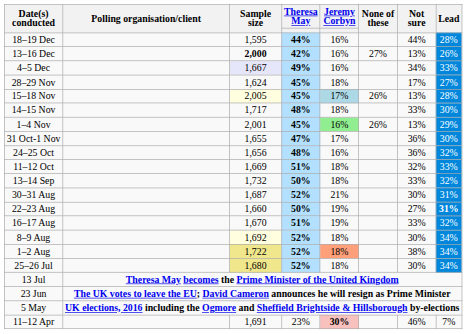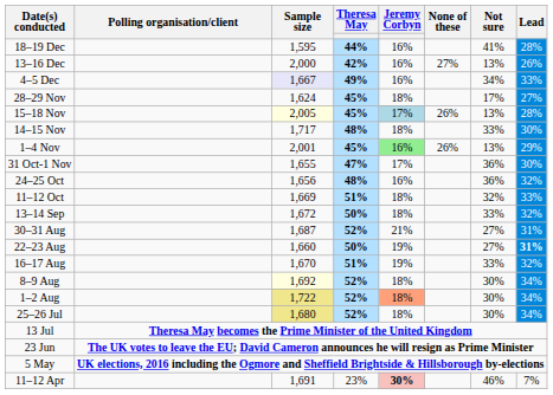 <table class="wikitable sortable mw-datatable" style="text-align:center;font-size:90%;line-height:14px;">
 <tr>
 <th rowspan="2">Date(s)<br>conducted</th>
 <th rowspan="2">Polling organisation/client</th>
 <th rowspan="2">Sample<br>size</th>
 <th style="width:50px;" class="unsortable"><a href='#'>Theresa May</a></th>
 <th style="width:50px;" class="unsortable"><a href='#'>Jeremy Corbyn</a></th>
 <th style="width:50px;" rowspan="2" class="unsortable">None of these</th>
 <th style="width:50px;" rowspan="2" class="unsortable">Not sure</th>
 <th class="unsortable" style="width:20px;" rowspan="2">Lead</th>
 </tr>
 <tr>
 <th class="unsortable" style="color:inherit;background:"></th>
 <th class="unsortable" style="color:inherit;background:"></th>
 </tr>
 <tr>
 <td>18–19 Dec</td>
 <td></td>
 <td>1,595</td>
 <td style="background:#B3E0FF"><strong>44%</strong></td>
 <td>16%</td>
 <td></td>
-<td>44%</td>
+<td>41%</td>
 <td style="background:#0087DC; color:white;">28%</td>
 </tr>
 <tr>
 <td>13–16 Dec</td>
 <td></td>
-<td><strong>2,000</strong></td>
+<td>2,000</td>
 <td style="background:#B3E0FF"><strong>42%</strong></td>
 <td>16%</td>
 <td>27%</td>
 <td>13%</td>
 <td style="background:#0087DC; color:white;">26%</td>
 </tr>
 <tr>
 <td>4–5 Dec</td>
 <td></td>
 <td style="background: lavender;">1,667</td>
 <td style="background:#B3E0FF"><strong>49%</strong></td>
 <td>16%</td>
 <td></td>
 <td>34%</td>
 <td style="background:#0087DC; color:white;">33%</td>
 </tr>
 <tr>
 <td>28–29 Nov</td>
 <td></td>
 <td>1,624</td>
 <td style="background:#B3E0FF"><strong>45%</strong></td>
 <td>18%</td>
 <td></td>
 <td>17%</td>
 <td style="background:#0087DC; color:white;">27%</td>
 </tr>
 <tr>
 <td>15–18 Nov</td>
 <td></td>
 <td style="background: lightyellow;">2,005</td>
 <td style="background:#B3E0FF"><strong>45%</strong></td>
 <td style="background: lightblue;">17%</td>
 <td>26%</td>
 <td>13%</td>
 <td style="background:#0087DC; color:white;">28%</td>
 </tr>
 <tr>
 <td>14–15 Nov</td>
 <td></td>
 <td>1,717</td>
 <td style="background:#B3E0FF"><strong>48%</strong></td>
 <td>18%</td>
 <td></td>
 <td>33%</td>
 <td style="background:#0087DC; color:white;">30%</td>
 </tr>
 <tr>
 <td>1–4 Nov</td>
 <td></td>
 <td>2,001</td>
 <td style="background:#B3E0FF"><strong>45%</strong></td>
 <td style="background: lightgreen;">16%</td>
 <td>26%</td>
 <td>13%</td>
 <td style="background:#0087DC; color:white;">29%</td>
 </tr>
 <tr>
 <td>31 Oct-1 Nov</td>
 <td></td>
 <td>1,655</td>
 <td style="background:#B3E0FF"><strong>47%</strong></td>
 <td>17%</td>
 <td></td>
 <td>36%</td>
 <td style="background:#0087DC; color:white;">30%</td>
 </tr>
 <tr>
 <td>24–25 Oct</td>
 <td></td>
 <td>1,656</td>
 <td style="background:#B3E0FF"><strong>48%</strong></td>
 <td>16%</td>
 <td></td>
 <td>36%</td>
 <td style="background:#0087DC; color:white;">32%</td>
 </tr>
 <tr>
 <td>11–12 Oct</td>
 <td></td>
 <td>1,669</td>
 <td style="background:#B3E0FF"><strong>51%</strong></td>
 <td>18%</td>
 <td></td>
 <td>32%</td>
 <td style="background:#0087DC; color:white;">33%</td>
 </tr>
 <tr>
 <td>13–14 Sep</td>
 <td></td>
-<td>1,732</td>
+<td>1,672</td>
 <td style="background:#B3E0FF"><strong>50%</strong></td>
 <td>18%</td>
 <td></td>
 <td>33%</td>
 <td style="background:#0087DC; color:white;">32%</td>
 </tr>
 <tr>
 <td>30–31 Aug</td>
 <td></td>
 <td>1,687</td>
 <td style="background:#B3E0FF"><strong>52%</strong></td>
 <td>21%</td>
 <td></td>
-<td>30%</td>
+<td>27%</td>
 <td style="background:#0087DC; color:white;">31%</td>
 </tr>
 <tr>
 <td>22–23 Aug</td>
 <td></td>
 <td>1,660</td>
 <td style="background:#B3E0FF"><strong>50%</strong></td>
 <td>19%</td>
 <td></td>
 <td>27%</td>
 <td style="background:#0087DC; color:white;"><strong>31%</strong></td>
 </tr>
 <tr>
 <td>16–17 Aug</td>
 <td></td>
 <td>1,670</td>
 <td style="background:#B3E0FF"><strong>51%</strong></td>
 <td>19%</td>
 <td></td>
 <td>33%</td>
 <td style="background:#0087DC; color:white;">32%</td>
 </tr>
 <tr>
 <td>8–9 Aug</td>
 <td></td>
 <td style="background: lightyellow;">1,692</td>
 <td style="background:#B3E0FF"><strong>52%</strong></td>
 <td>18%</td>
 <td></td>
 <td>30%</td>
 <td style="background:#0087DC; color:white;">34%</td>
 </tr>
 <tr>
 <td>1–2 Aug</td>
 <td></td>
 <td style="background: khaki;">1,722</td>
 <td style="background:#B3E0FF"><strong>52%</strong></td>
 <td style="background: lightsalmon;">18%</td>
 <td></td>
-<td>38%</td>
+<td>30%</td>
 <td style="background:#0087DC; color:white;">34%</td>
 </tr>
 <tr>
 <td>25–26 Jul</td>
 <td></td>
 <td style="background: khaki;">1,680</td>
 <td style="background:#B3E0FF"><strong>52%</strong></td>
 <td>18%</td>
 <td></td>
 <td>30%</td>
 <td style="background:#0087DC; color:white;">34%</td>
 </tr>
 <tr>
 <td>13 Jul</td>
 <td colspan="10"><strong><a href='#'>Theresa May</a> <a href='#'>becomes</a> the <a href='#'>Prime Minister of the United Kingdom</a></strong></td>
 </tr>
 <tr>
 <td>23 Jun</td>
 <td colspan="10"><strong><a href='#'>The UK votes to leave the EU</a>; <a href='#'>David Cameron</a> announces he will resign as Prime Minister</strong></td>
 </tr>
 <tr>
 <td>5 May</td>
 <td colspan="10"><strong><a href='#'>UK elections, 2016</a> including the <a href='#'>Ogmore</a> and <a href='#'>Sheffield Brightside & Hillsborough</a> by-elections</strong></td>
 </tr>
 <tr>
 <td>11–12 Apr</td>
 <td rowspan=1></td>
 <td>1,691</td>
 <td>23%</td>
 <td style="background:#F8C1BE"><strong>30%</strong></td>
 <td></td>
 <td>46%</td>
 <td style="background:">7%</td>
 </tr>
 </table>
